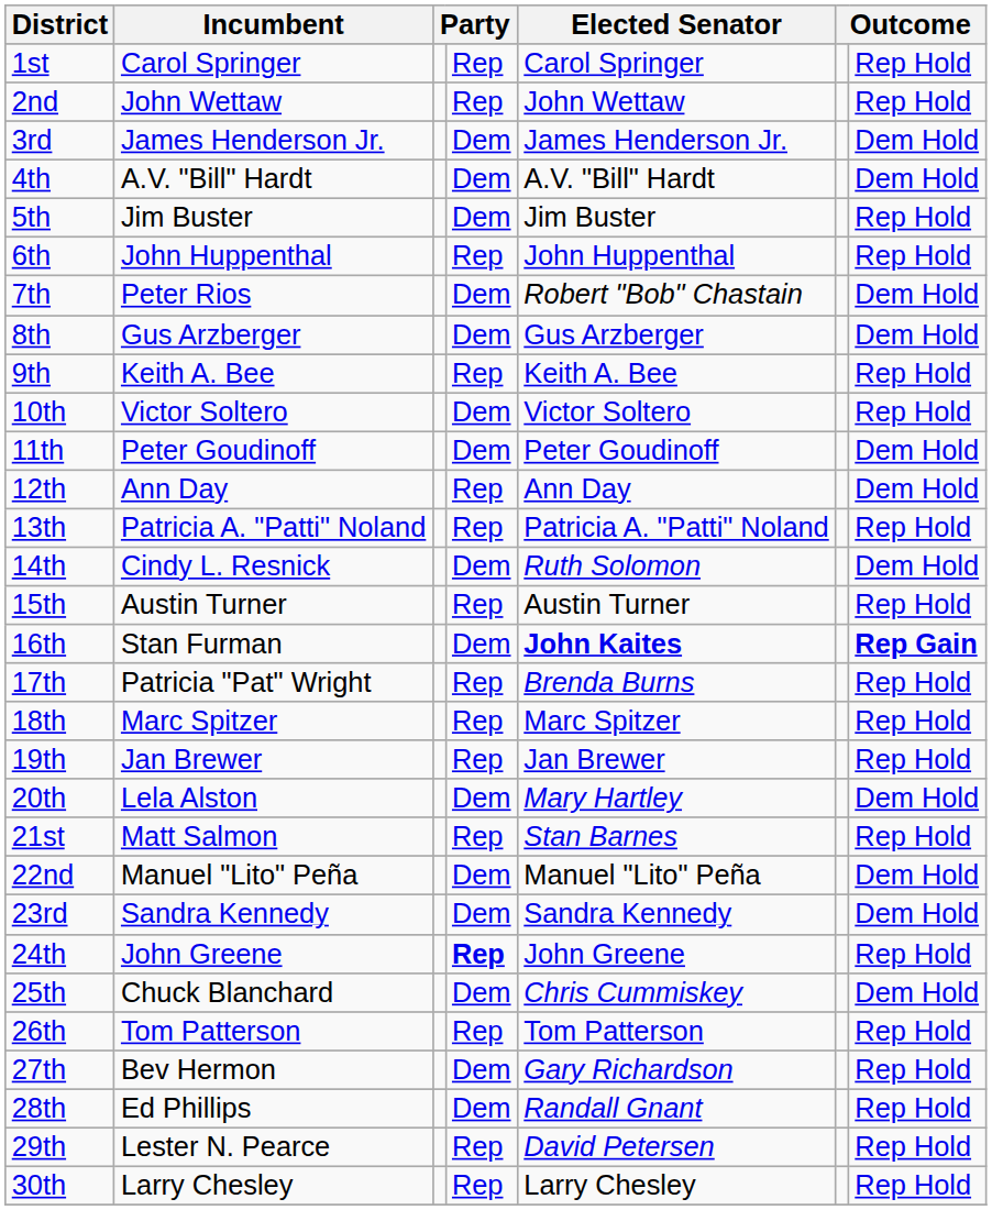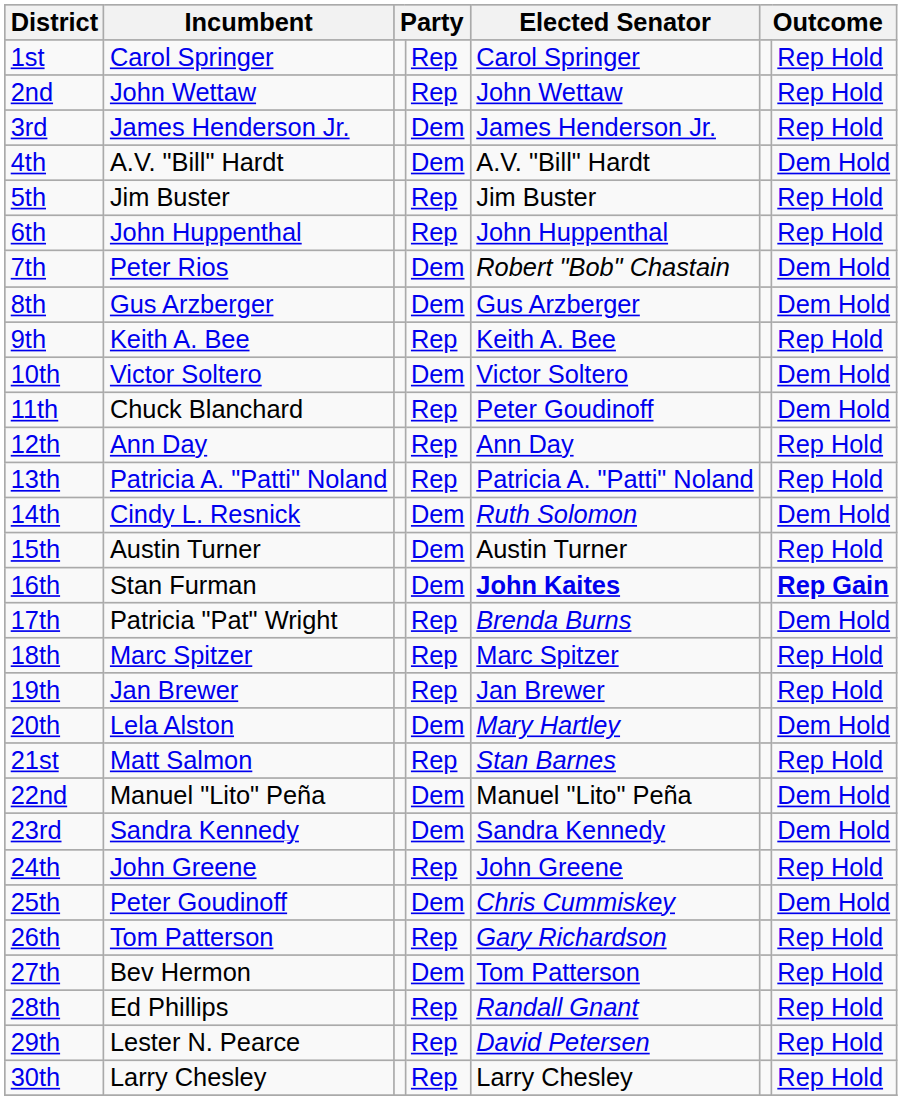 <table class="sortable wikitable" style="font-size:95%;line-height:14px;">
 <tr>
 <th>District</th>
 <th>Incumbent</th>
 <th colspan="2">Party</th>
 <th>Elected Senator</th>
 <th colspan="2">Outcome</th>
 </tr>
 <tr>
 <td><a href='#'>1st</a></td>
 <td><a href='#'>Carol Springer</a></td>
 <td style="background:"></td>
 <td><a href='#'>Rep</a></td>
 <td><a href='#'>Carol Springer</a></td>
 <td style="background:"></td>
 <td><a href='#'>Rep Hold</a></td>
 </tr>
 <tr>
 <td><a href='#'>2nd</a></td>
 <td><a href='#'>John Wettaw</a></td>
 <td style="background:"></td>
 <td><a href='#'>Rep</a></td>
 <td><a href='#'>John Wettaw</a></td>
 <td style="background:"></td>
 <td><a href='#'>Rep Hold</a></td>
 </tr>
 <tr>
 <td><a href='#'>3rd</a></td>
 <td><a href='#'>James Henderson Jr.</a></td>
 <td style="background:"></td>
 <td><a href='#'>Dem</a></td>
 <td><a href='#'>James Henderson Jr.</a></td>
 <td style="background:"></td>
-<td><a href='#'>Dem Hold</a></td>
+<td><a href='#'>Rep Hold</a></td>
 </tr>
 <tr>
 <td><a href='#'>4th</a></td>
 <td>A.V. "Bill" Hardt</td>
 <td style="background:"></td>
 <td><a href='#'>Dem</a></td>
 <td>A.V. "Bill" Hardt</td>
 <td style="background:"></td>
 <td><a href='#'>Dem Hold</a></td>
 </tr>
 <tr>
 <td><a href='#'>5th</a></td>
 <td>Jim Buster</td>
 <td style="background:"></td>
-<td><a href='#'>Dem</a></td>
+<td><a href='#'>Rep</a></td>
 <td>Jim Buster</td>
 <td style="background:"></td>
 <td><a href='#'>Rep Hold</a></td>
 </tr>
 <tr>
 <td><a href='#'>6th</a></td>
 <td><a href='#'>John Huppenthal</a></td>
 <td style="background:"></td>
 <td><a href='#'>Rep</a></td>
 <td><a href='#'>John Huppenthal</a></td>
 <td style="background:"></td>
 <td><a href='#'>Rep Hold</a></td>
 </tr>
 <tr>
 <td><a href='#'>7th</a></td>
 <td><a href='#'>Peter Rios</a></td>
 <td style="background:"></td>
 <td><a href='#'>Dem</a></td>
 <td><em>Robert "Bob" Chastain</em></td>
 <td style="background:"></td>
 <td><a href='#'>Dem Hold</a></td>
 </tr>
 <tr>
 <td><a href='#'>8th</a></td>
 <td><a href='#'>Gus Arzberger</a></td>
 <td style="background:"></td>
 <td><a href='#'>Dem</a></td>
 <td><a href='#'>Gus Arzberger</a></td>
 <td style="background:"></td>
 <td><a href='#'>Dem Hold</a></td>
 </tr>
 <tr>
 <td><a href='#'>9th</a></td>
 <td><a href='#'>Keith A. Bee</a></td>
 <td style="background:"></td>
 <td><a href='#'>Rep</a></td>
 <td><a href='#'>Keith A. Bee</a></td>
 <td style="background:"></td>
 <td><a href='#'>Rep Hold</a></td>
 </tr>
 <tr>
 <td><a href='#'>10th</a></td>
 <td><a href='#'>Victor Soltero</a></td>
 <td style="background:"></td>
 <td><a href='#'>Dem</a></td>
 <td><a href='#'>Victor Soltero</a></td>
 <td style="background:"></td>
-<td><a href='#'>Rep Hold</a></td>
+<td><a href='#'>Dem Hold</a></td>
 </tr>
 <tr>
 <td><a href='#'>11th</a></td>
-<td><a href='#'>Peter Goudinoff</a></td>
+<td>Chuck Blanchard</td>
 <td style="background:"></td>
-<td><a href='#'>Dem</a></td>
+<td><a href='#'>Rep</a></td>
 <td><a href='#'>Peter Goudinoff</a></td>
 <td style="background:"></td>
 <td><a href='#'>Dem Hold</a></td>
 </tr>
 <tr>
 <td><a href='#'>12th</a></td>
 <td><a href='#'>Ann Day</a></td>
 <td style="background:"></td>
 <td><a href='#'>Rep</a></td>
 <td><a href='#'>Ann Day</a></td>
 <td style="background:"></td>
-<td><a href='#'>Dem Hold</a></td>
+<td><a href='#'>Rep Hold</a></td>
 </tr>
 <tr>
 <td><a href='#'>13th</a></td>
 <td><a href='#'>Patricia A. "Patti" Noland</a></td>
 <td style="background:"></td>
 <td><a href='#'>Rep</a></td>
 <td><a href='#'>Patricia A. "Patti" Noland</a></td>
 <td style="background:"></td>
 <td><a href='#'>Rep Hold</a></td>
 </tr>
 <tr>
 <td><a href='#'>14th</a></td>
 <td><a href='#'>Cindy L. Resnick</a></td>
 <td style="background:"></td>
 <td><a href='#'>Dem</a></td>
 <td><em><a href='#'>Ruth Solomon</a></em></td>
 <td style="background:"></td>
 <td><a href='#'>Dem Hold</a></td>
 </tr>
 <tr>
 <td><a href='#'>15th</a></td>
 <td>Austin Turner</td>
 <td style="background:"></td>
-<td><a href='#'>Rep</a></td>
+<td><a href='#'>Dem</a></td>
 <td>Austin Turner</td>
 <td style="background:"></td>
 <td><a href='#'>Rep Hold</a></td>
 </tr>
 <tr>
 <td><a href='#'>16th</a></td>
 <td>Stan Furman</td>
 <td style="background:"></td>
 <td><a href='#'>Dem</a></td>
 <td><strong><a href='#'>John Kaites</a></strong></td>
 <td style="background:"></td>
 <td><strong><a href='#'>Rep Gain</a></strong></td>
 </tr>
 <tr>
 <td><a href='#'>17th</a></td>
 <td>Patricia "Pat" Wright</td>
 <td style="background:"></td>
 <td><a href='#'>Rep</a></td>
 <td><em><a href='#'>Brenda Burns</a></em></td>
 <td style="background:"></td>
-<td><a href='#'>Rep Hold</a></td>
+<td><a href='#'>Dem Hold</a></td>
 </tr>
 <tr>
 <td><a href='#'>18th</a></td>
 <td><a href='#'>Marc Spitzer</a></td>
 <td style="background:"></td>
 <td><a href='#'>Rep</a></td>
 <td><a href='#'>Marc Spitzer</a></td>
 <td style="background:"></td>
 <td><a href='#'>Rep Hold</a></td>
 </tr>
 <tr>
 <td><a href='#'>19th</a></td>
 <td><a href='#'>Jan Brewer</a></td>
 <td style="background:"></td>
 <td><a href='#'>Rep</a></td>
 <td><a href='#'>Jan Brewer</a></td>
 <td style="background:"></td>
 <td><a href='#'>Rep Hold</a></td>
 </tr>
 <tr>
 <td><a href='#'>20th</a></td>
 <td><a href='#'>Lela Alston</a></td>
 <td style="background:"></td>
 <td><a href='#'>Dem</a></td>
 <td><em><a href='#'>Mary Hartley</a></em></td>
 <td style="background:"></td>
 <td><a href='#'>Dem Hold</a></td>
 </tr>
 <tr>
 <td><a href='#'>21st</a></td>
 <td><a href='#'>Matt Salmon</a></td>
 <td style="background:"></td>
 <td><a href='#'>Rep</a></td>
 <td><em><a href='#'>Stan Barnes</a></em></td>
 <td style="background:"></td>
 <td><a href='#'>Rep Hold</a></td>
 </tr>
 <tr>
 <td><a href='#'>22nd</a></td>
 <td>Manuel "Lito" Peña</td>
 <td style="background:"></td>
 <td><a href='#'>Dem</a></td>
 <td>Manuel "Lito" Peña</td>
 <td style="background:"></td>
 <td><a href='#'>Dem Hold</a></td>
 </tr>
 <tr>
 <td><a href='#'>23rd</a></td>
 <td><a href='#'>Sandra Kennedy</a></td>
 <td style="background:"></td>
 <td><a href='#'>Dem</a></td>
 <td><a href='#'>Sandra Kennedy</a></td>
 <td style="background:"></td>
 <td><a href='#'>Dem Hold</a></td>
 </tr>
 <tr>
 <td><a href='#'>24th</a></td>
 <td><a href='#'>John Greene</a></td>
 <td style="background:"></td>
-<td><strong><a href='#'>Rep</a></strong></td>
+<td><a href='#'>Rep</a></td>
 <td><a href='#'>John Greene</a></td>
 <td style="background:"></td>
 <td><a href='#'>Rep Hold</a></td>
 </tr>
 <tr>
 <td><a href='#'>25th</a></td>
-<td>Chuck Blanchard</td>
+<td><a href='#'>Peter Goudinoff</a></td>
 <td style="background:"></td>
 <td><a href='#'>Dem</a></td>
 <td><em><a href='#'>Chris Cummiskey</a></em></td>
 <td style="background:"></td>
 <td><a href='#'>Dem Hold</a></td>
 </tr>
 <tr>
 <td><a href='#'>26th</a></td>
 <td><a href='#'>Tom Patterson</a></td>
 <td style="background:"></td>
 <td><a href='#'>Rep</a></td>
-<td><a href='#'>Tom Patterson</a></td>
+<td><em><a href='#'>Gary Richardson</a></em></td>
 <td style="background:"></td>
 <td><a href='#'>Rep Hold</a></td>
 </tr>
 <tr>
 <td><a href='#'>27th</a></td>
 <td>Bev Hermon</td>
 <td style="background:"></td>
 <td><a href='#'>Dem</a></td>
-<td><em><a href='#'>Gary Richardson</a></em></td>
+<td><a href='#'>Tom Patterson</a></td>
 <td style="background:"></td>
 <td><a href='#'>Rep Hold</a></td>
 </tr>
 <tr>
 <td><a href='#'>28th</a></td>
 <td>Ed Phillips</td>
 <td style="background:"></td>
-<td><a href='#'>Dem</a></td>
+<td><a href='#'>Rep</a></td>
 <td><em><a href='#'>Randall Gnant</a></em></td>
 <td style="background:"></td>
 <td><a href='#'>Rep Hold</a></td>
 </tr>
 <tr>
 <td><a href='#'>29th</a></td>
 <td>Lester N. Pearce</td>
 <td style="background:"></td>
 <td><a href='#'>Rep</a></td>
 <td><em><a href='#'>David Petersen</a></em></td>
 <td style="background:"></td>
 <td><a href='#'>Rep Hold</a></td>
 </tr>
 <tr>
 <td><a href='#'>30th</a></td>
 <td>Larry Chesley</td>
 <td style="background:"></td>
 <td><a href='#'>Rep</a></td>
 <td>Larry Chesley</td>
 <td style="background:"></td>
 <td><a href='#'>Rep Hold</a></td>
 </tr>
 <tr>
 </tr>
 </table>
